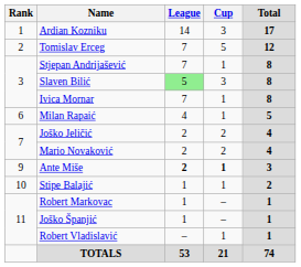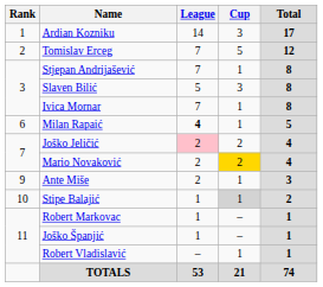 <table class="wikitable" style="font-size: 95%; text-align: center;">
 <tr>
 <th width=40>Rank</th>
 <th width=180>Name</th>
 <th width=50><a href='#'>League</a></th>
 <th width=50><a href='#'>Cup</a></th>
 <th width=70 style="background: #DCDCDC">Total</th>
 </tr>
 <tr>
 <td rowspan=1>1</td>
 <td style="text-align:left;"> <a href='#'>Ardian Kozniku</a></td>
 <td>14</td>
 <td>3</td>
 <th style="background: #DCDCDC">17</th>
 </tr>
 <tr>
 <td rowspan=1>2</td>
 <td style="text-align:left;"> <a href='#'>Tomislav Erceg</a></td>
 <td>7</td>
 <td>5</td>
 <th style="background: #DCDCDC">12</th>
 </tr>
 <tr>
 <td rowspan=3>3</td>
 <td style="text-align:left;"> <a href='#'>Stjepan Andrijašević</a></td>
 <td>7</td>
 <td>1</td>
 <th style="background: #DCDCDC">8</th>
 </tr>
 <tr>
 <td style="text-align:left;"> <a href='#'>Slaven Bilić</a></td>
-<td style="background: lightgreen;">5</td>
+<td>5</td>
 <td>3</td>
 <th style="background: #DCDCDC">8</th>
 </tr>
 <tr>
 <td style="text-align:left;"> <a href='#'>Ivica Mornar</a></td>
 <td>7</td>
 <td>1</td>
 <th style="background: #DCDCDC">8</th>
 </tr>
 <tr>
 <td rowspan=1>6</td>
 <td style="text-align:left;"> <a href='#'>Milan Rapaić</a></td>
-<td>4</td>
+<td><strong>4</strong></td>
 <td>1</td>
 <th style="background: #DCDCDC">5</th>
 </tr>
 <tr>
 <td rowspan=2>7</td>
 <td style="text-align:left;"> <a href='#'>Joško Jeličić</a></td>
-<td>2</td>
+<td style="background: pink;">2</td>
 <td>2</td>
 <th style="background: #DCDCDC">4</th>
 </tr>
 <tr>
 <td style="text-align:left;"> <a href='#'>Mario Novaković</a></td>
 <td>2</td>
-<td>2</td>
+<td style="background: gold;">2</td>
 <th style="background: #DCDCDC">4</th>
 </tr>
 <tr>
 <td rowspan=1>9</td>
 <td style="text-align:left;"> <a href='#'>Ante Miše</a></td>
-<td><strong>2</strong></td>
-<td><strong>1</strong></td>
+<td>2</td>
+<td>1</td>
 <th style="background: #DCDCDC">3</th>
 </tr>
 <tr>
 <td rowspan=1>10</td>
 <td style="text-align:left;"> <a href='#'>Stipe Balajić</a></td>
 <td>1</td>
-<td>1</td>
+<td style="background: lightgrey;">1</td>
 <th style="background: #DCDCDC">2</th>
 </tr>
 <tr>
 <td rowspan=3>11</td>
 <td style="text-align:left;"> <a href='#'>Robert Markovac</a></td>
 <td>1</td>
 <td>–</td>
 <th style="background: #DCDCDC">1</th>
 </tr>
 <tr>
 <td style="text-align:left;"> <a href='#'>Joško Španjić</a></td>
 <td>1</td>
 <td>–</td>
 <th style="background: #DCDCDC">1</th>
 </tr>
 <tr>
 <td style="text-align:left;"> <a href='#'>Robert Vladislavić</a></td>
 <td>–</td>
 <td>1</td>
 <th style="background: #DCDCDC">1</th>
 </tr>
 <tr>
 <td></td>
 <th style="background: #DCDCDC">TOTALS</th>
 <th style="background: #DCDCDC">53</th>
 <th style="background: #DCDCDC">21</th>
 <th style="background: #DCDCDC">74</th>
 </tr>
 </table>
